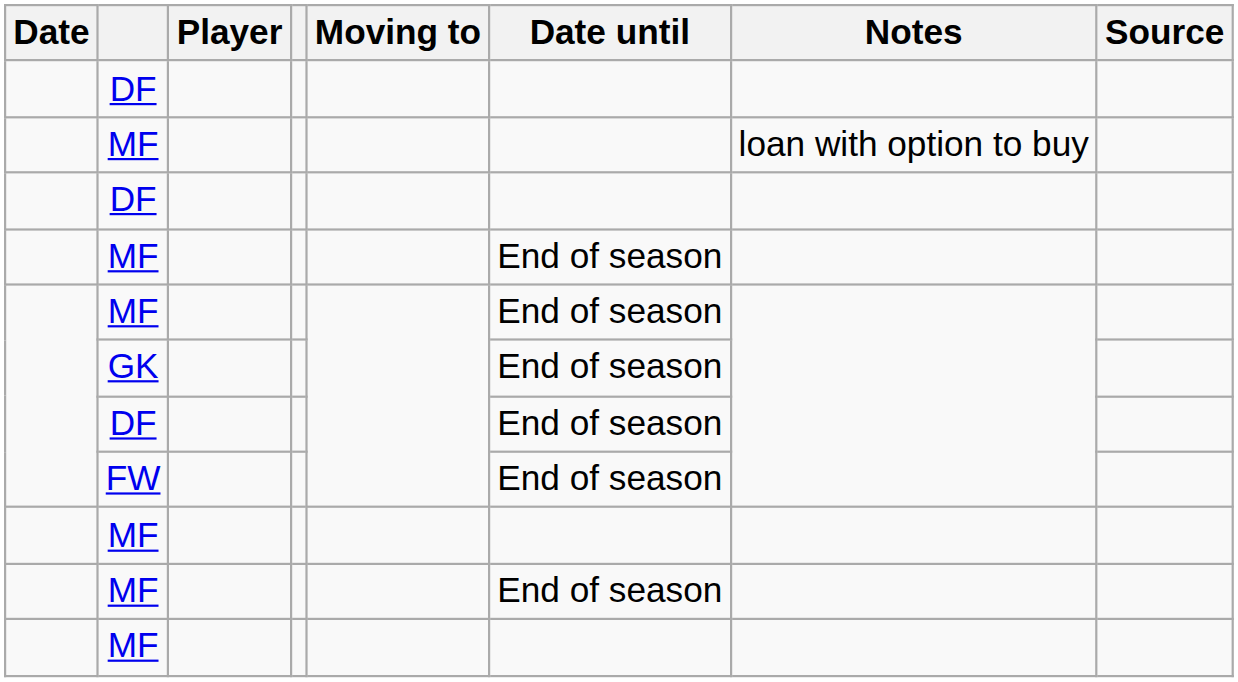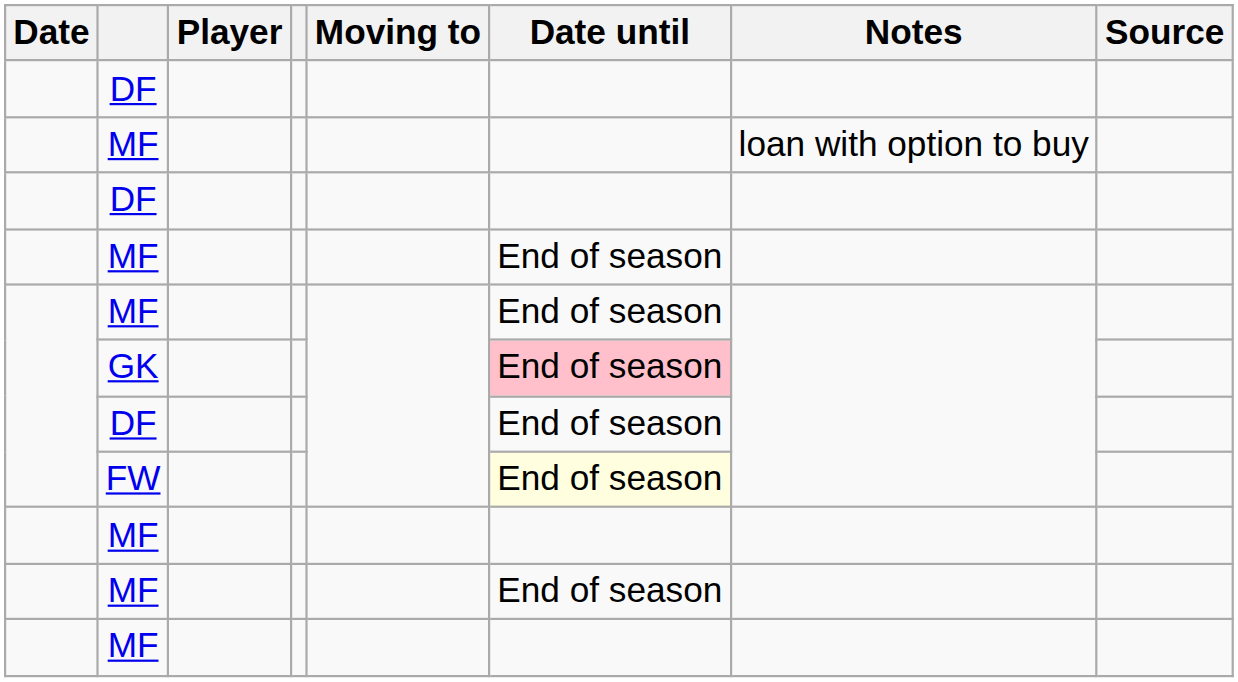 <table class="wikitable sortable">
 <tr>
 <th scope=col>Date</th>
 <th scope=col></th>
 <th scope=col>Player</th>
 <th scope=col></th>
 <th scope=col>Moving to</th>
 <th scope=col class="unsortable">Date until</th>
 <th scope=col class="unsortable">Notes</th>
 <th scope=col>Source</th>
 </tr>
 <tr>
 <td></td>
 <td align="center"><a href='#'>DF</a></td>
 <td></td>
 <td align="center"></td>
 <td></td>
 <td align="center"></td>
 <td align="center"></td>
 <td></td>
 </tr>
 <tr>
 <td></td>
 <td align="center"><a href='#'>MF</a></td>
 <td></td>
 <td align="center"></td>
 <td></td>
 <td align="center"></td>
 <td align="center">loan with option to buy</td>
 <td></td>
 </tr>
 <tr>
 <td></td>
 <td align="center"><a href='#'>DF</a></td>
 <td></td>
 <td align="center"></td>
 <td></td>
 <td align="center"></td>
 <td align="center"></td>
 <td></td>
 </tr>
 <tr>
 <td></td>
 <td align="center"><a href='#'>MF</a></td>
 <td></td>
 <td align="center"></td>
 <td></td>
 <td align="center">End of season</td>
 <td align="center"></td>
 <td></td>
 </tr>
 <tr>
 <td rowspan="4"></td>
 <td align="center"><a href='#'>MF</a></td>
 <td></td>
 <td align="center"></td>
 <td rowspan="4"></td>
 <td align="center">End of season</td>
 <td rowspan="4" align="center"></td>
 <td></td>
 </tr>
 <tr>
 <td align="center"><a href='#'>GK</a></td>
 <td></td>
 <td align="center"></td>
-<td>End of season</td>
+<td style="background: pink;">End of season</td>
 <td></td>
 </tr>
 <tr>
 <td align="center"><a href='#'>DF</a></td>
 <td></td>
 <td align="center"></td>
 <td>End of season</td>
 <td></td>
 </tr>
 <tr>
 <td align="center"><a href='#'>FW</a></td>
 <td></td>
 <td align="center"></td>
-<td>End of season</td>
+<td style="background: lightyellow;">End of season</td>
 <td></td>
 </tr>
 <tr>
 <td></td>
 <td align="center"><a href='#'>MF</a></td>
 <td></td>
 <td align="center"></td>
 <td></td>
 <td align="center"></td>
 <td align="center"></td>
 <td></td>
 </tr>
 <tr>
 <td></td>
 <td align="center"><a href='#'>MF</a></td>
 <td></td>
 <td align="center"></td>
 <td></td>
 <td align="center">End of season</td>
 <td align="center"></td>
 <td></td>
 </tr>
 <tr>
 <td></td>
 <td align="center"><a href='#'>MF</a></td>
 <td></td>
 <td align="center"></td>
 <td></td>
 <td align="center"></td>
 <td align="center"></td>
 <td></td>
 </tr>
 </table>
